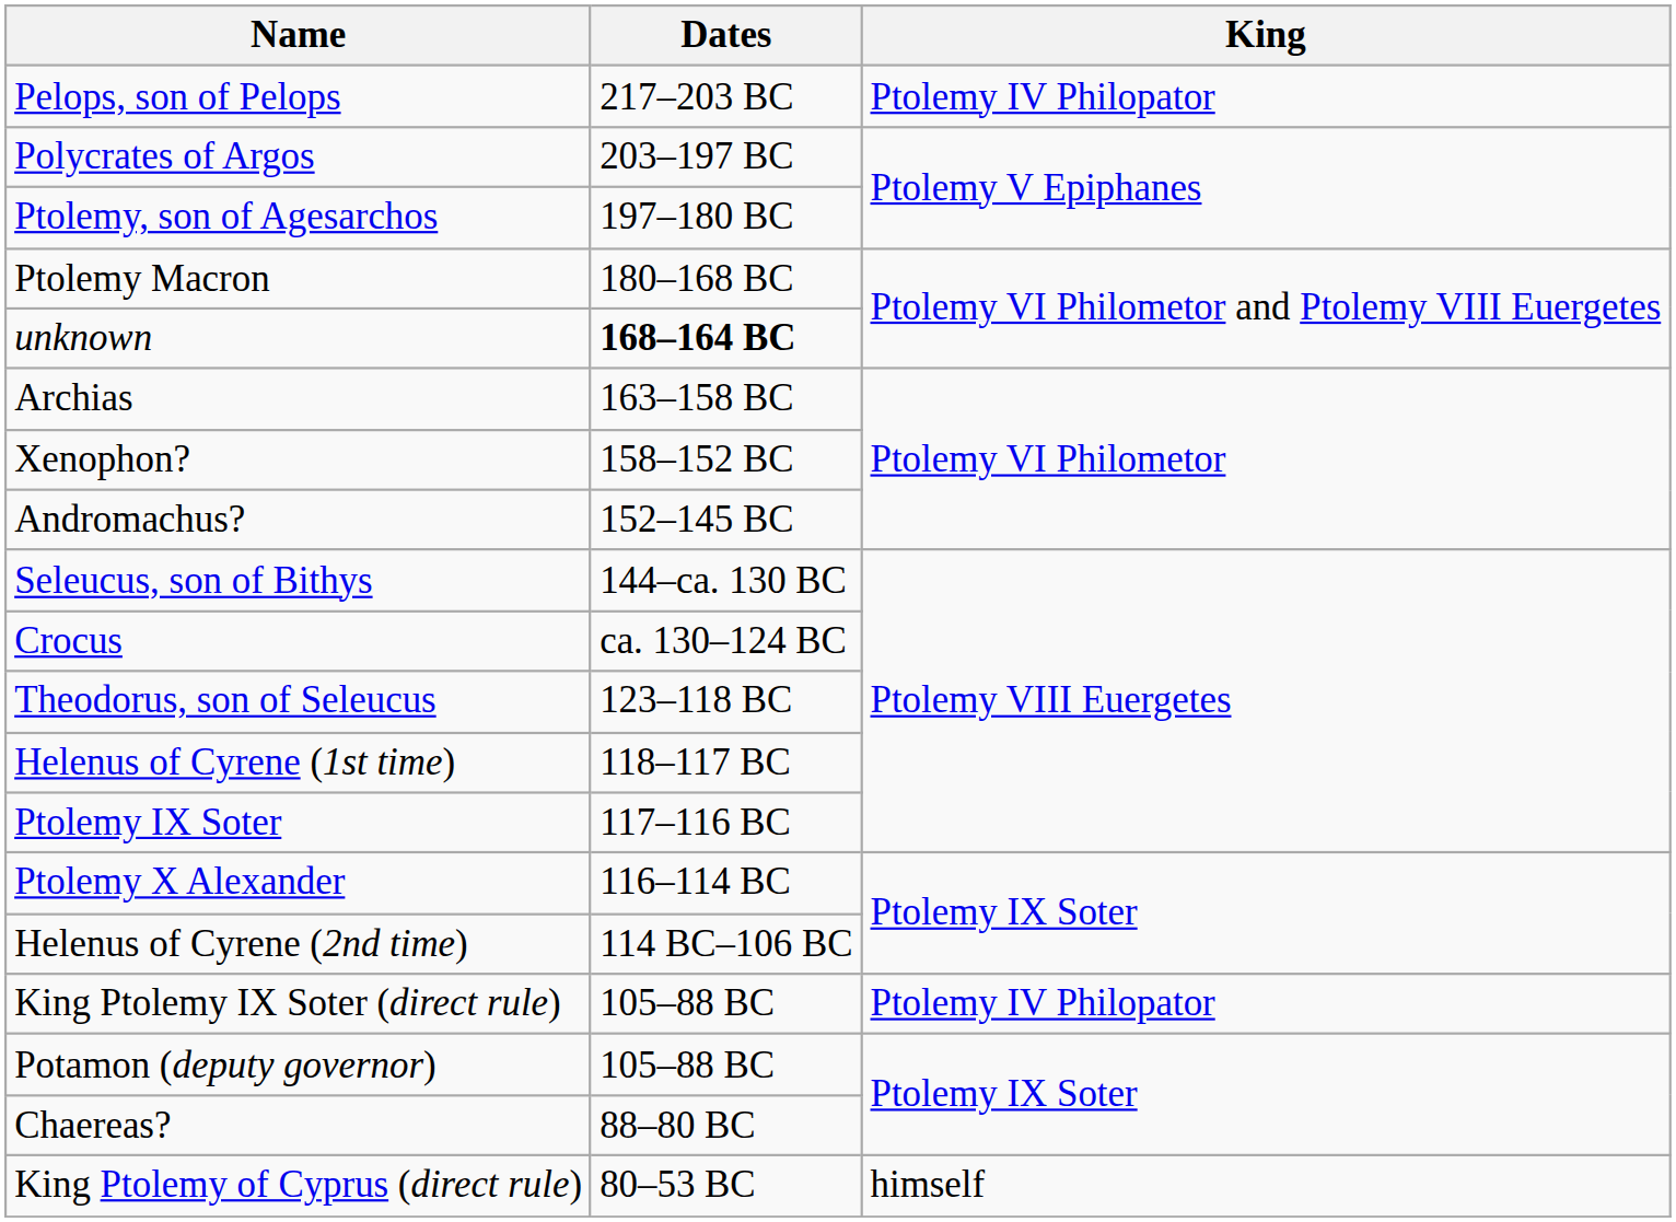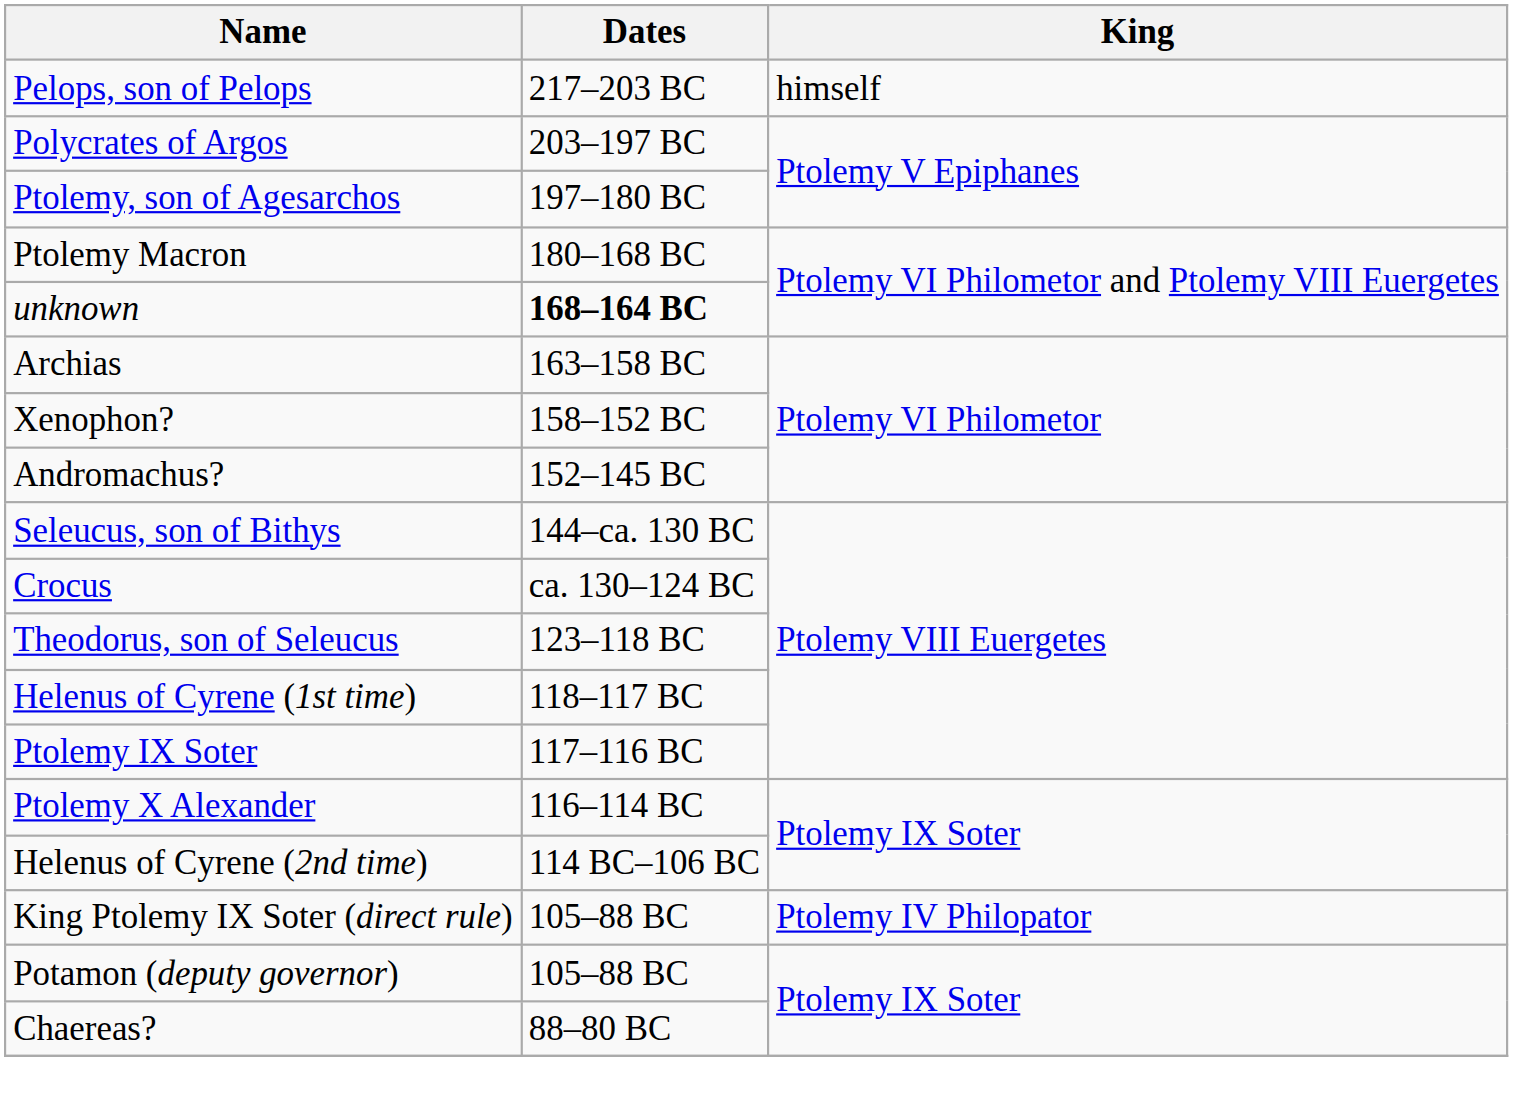 <table class="wikitable">
 <tr>
 <th>Name</th>
 <th>Dates</th>
 <th>King</th>
 </tr>
 <tr>
 <td><a href='#'>Pelops, son of Pelops</a></td>
 <td>217–203  BC</td>
-<td><a href='#'>Ptolemy IV Philopator</a></td>
+<td>himself</td>
 </tr>
 <tr>
 <td><a href='#'>Polycrates of Argos</a></td>
 <td>203–197 BC</td>
 <td rowspan="2"><a href='#'>Ptolemy V Epiphanes</a></td>
 </tr>
 <tr>
 <td><a href='#'>Ptolemy, son of Agesarchos</a></td>
 <td>197–180 BC</td>
 </tr>
 <tr>
 <td>Ptolemy Macron</td>
 <td>180–168 BC</td>
 <td rowspan="2"><a href='#'>Ptolemy VI Philometor</a> and <a href='#'>Ptolemy VIII Euergetes</a></td>
 </tr>
 <tr>
 <td><em>unknown</em></td>
 <td><strong>168–164 BC</strong></td>
 </tr>
 <tr>
 <td>Archias</td>
 <td>163–158 BC</td>
 <td rowspan="3"><a href='#'>Ptolemy VI Philometor</a></td>
 </tr>
 <tr>
 <td>Xenophon?</td>
 <td>158–152 BC</td>
 </tr>
 <tr>
 <td>Andromachus?</td>
 <td>152–145 BC</td>
 </tr>
 <tr>
 <td><a href='#'>Seleucus, son of Bithys</a></td>
 <td>144–ca. 130 BC</td>
 <td rowspan="5"><a href='#'>Ptolemy VIII Euergetes</a></td>
 </tr>
 <tr>
 <td><a href='#'>Crocus</a></td>
 <td>ca. 130–124 BC</td>
 </tr>
 <tr>
 <td><a href='#'>Theodorus, son of Seleucus</a></td>
 <td>123–118 BC</td>
 </tr>
 <tr>
 <td><a href='#'>Helenus of Cyrene</a> (<em>1st time</em>)</td>
 <td>118–117 BC</td>
 </tr>
 <tr>
 <td><a href='#'>Ptolemy IX Soter</a></td>
 <td>117–116 BC</td>
 </tr>
 <tr>
 <td><a href='#'>Ptolemy X Alexander</a></td>
 <td>116–114 BC</td>
 <td rowspan="2"><a href='#'>Ptolemy IX Soter</a></td>
 </tr>
 <tr>
 <td>Helenus of Cyrene (<em>2nd time</em>)</td>
 <td>114 BC–106 BC</td>
 </tr>
 <tr>
 <td>King Ptolemy IX Soter (<em>direct rule</em>)</td>
 <td>105–88 BC</td>
 <td><a href='#'>Ptolemy IV Philopator</a></td>
 </tr>
 <tr>
 <td>Potamon (<em>deputy governor</em>)</td>
 <td>105–88 BC</td>
 <td rowspan="2"><a href='#'>Ptolemy IX Soter</a></td>
 </tr>
 <tr>
 <td>Chaereas?</td>
 <td>88–80 BC</td>
 </tr>
 <tr>
-<td>King <a href='#'>Ptolemy of Cyprus</a> (<em>direct rule</em>)</td>
-<td>80–53 BC</td>
-<td>himself</td>
-</tr>
-<tr>
 </tr>
 </table>
